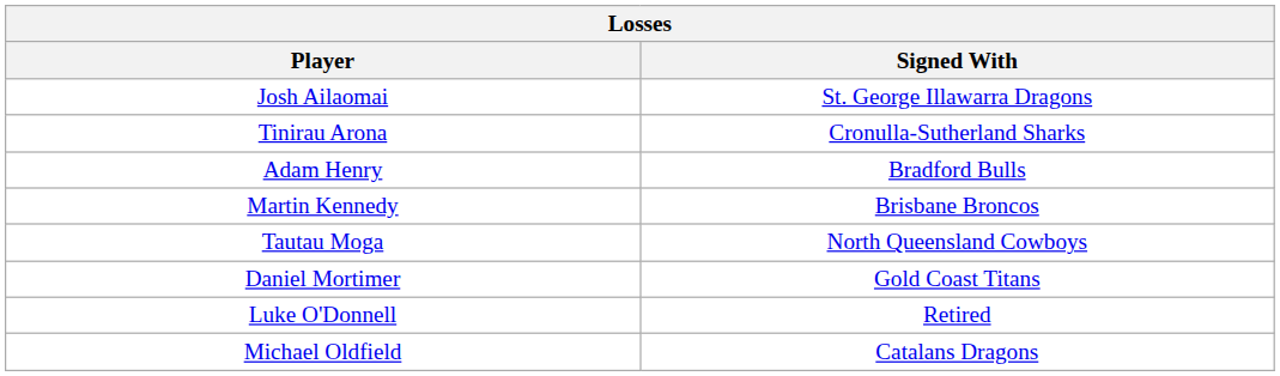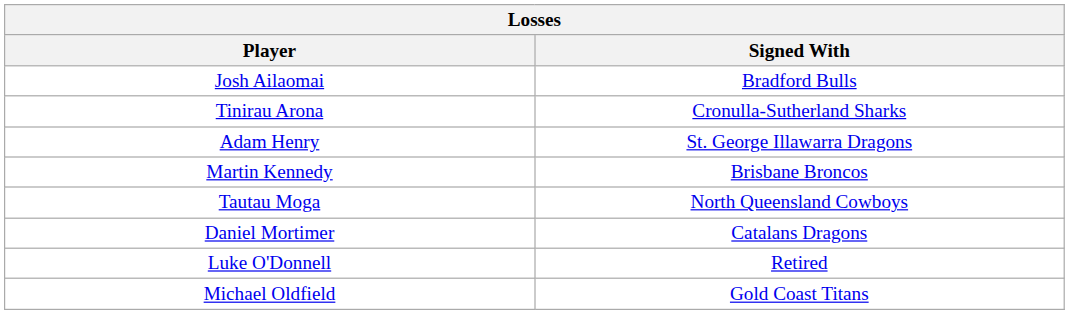 <table class="wikitable" style="width:100%;">
 <tr style="background:#EFEFEF;">
 <th colspan="100">Losses</th>
 </tr>
 <tr>
 <th width=50%>Player</th>
 <th width=50%>Signed With</th>
 </tr>
 <tr style="background:#FFF;">
 <td align=center><a href='#'>Josh Ailaomai</a></td>
-<td align=center><a href='#'>St. George Illawarra Dragons</a></td>
+<td align=center><a href='#'>Bradford Bulls</a></td>
 </tr>
 <tr style="background:#FFF;">
 <td align=center><a href='#'>Tinirau Arona</a></td>
 <td align=center><a href='#'>Cronulla-Sutherland Sharks</a></td>
 </tr>
 <tr style="background:#FFF;">
 <td align=center><a href='#'>Adam Henry</a></td>
-<td align=center><a href='#'>Bradford Bulls</a></td>
+<td align=center><a href='#'>St. George Illawarra Dragons</a></td>
 </tr>
 <tr style="background:#FFF;">
 <td align=center><a href='#'>Martin Kennedy</a></td>
 <td align=center><a href='#'>Brisbane Broncos</a></td>
 </tr>
 <tr style="background:#FFF;">
 <td align=center><a href='#'>Tautau Moga</a></td>
 <td align=center><a href='#'>North Queensland Cowboys</a></td>
 </tr>
 <tr style="background:#FFF;">
 <td align=center><a href='#'>Daniel Mortimer</a></td>
-<td align=center><a href='#'>Gold Coast Titans</a></td>
+<td align=center><a href='#'>Catalans Dragons</a></td>
 </tr>
 <tr style="background:#FFF;">
 <td align=center><a href='#'>Luke O'Donnell</a></td>
 <td align=center><a href='#'>Retired</a></td>
 </tr>
 <tr style="background:#FFF;">
 <td align=center><a href='#'>Michael Oldfield</a></td>
-<td align=center><a href='#'>Catalans Dragons</a></td>
+<td align=center><a href='#'>Gold Coast Titans</a></td>
 </tr>
 </table>
